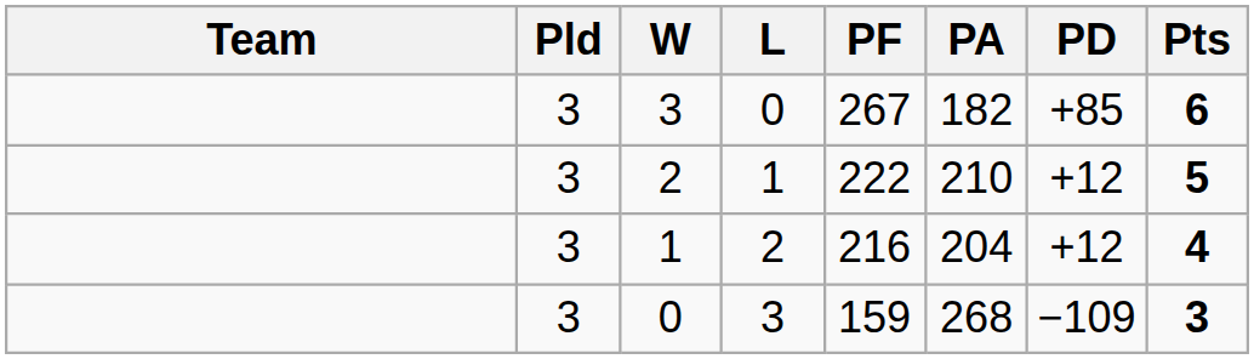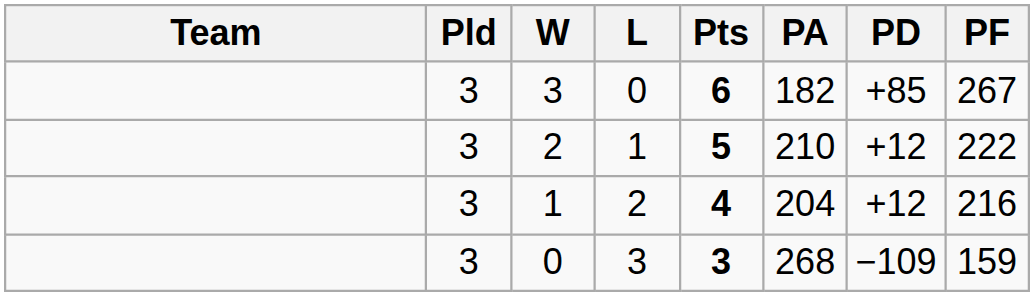 <table class="wikitable" style="text-align:center;">
 <tr>
 <th width=180>Team</th>
 <th width=30>Pld</th>
 <th width=30>W</th>
 <th width=30>L</th>
-<th width=30>PF</th>
+<th width=30>Pts</th>
 <th width=30>PA</th>
 <th width=30>PD</th>
-<th width=30>Pts</th>
+<th width=30>PF</th>
 </tr>
 <tr>
 <td align="left"></td>
 <td>3</td>
 <td>3</td>
 <td>0</td>
-<td>267</td>
+<td><strong>6</strong></td>
 <td>182</td>
 <td>+85</td>
-<td><strong>6</strong></td>
+<td>267</td>
 </tr>
 <tr>
 <td align="left"></td>
 <td>3</td>
 <td>2</td>
 <td>1</td>
-<td>222</td>
+<td><strong>5</strong></td>
 <td>210</td>
 <td>+12</td>
-<td><strong>5</strong></td>
+<td>222</td>
 </tr>
 <tr>
 <td align="left"></td>
 <td>3</td>
 <td>1</td>
 <td>2</td>
-<td>216</td>
+<td><strong>4</strong></td>
 <td>204</td>
 <td>+12</td>
-<td><strong>4</strong></td>
+<td>216</td>
 </tr>
 <tr>
 <td align="left"></td>
 <td>3</td>
 <td>0</td>
 <td>3</td>
-<td>159</td>
+<td><strong>3</strong></td>
 <td>268</td>
 <td>−109</td>
-<td><strong>3</strong></td>
+<td>159</td>
 </tr>
 </table>
